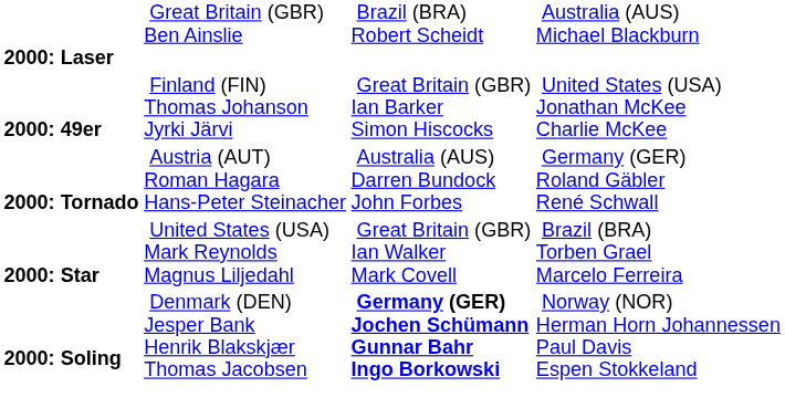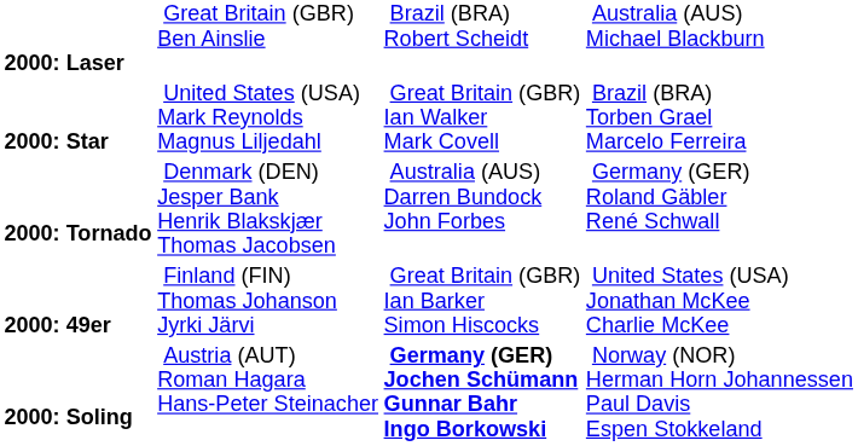 <table>
 <tr>
 <td style="align:center;"><br><br><strong>2000: Laser</strong> <br></td>
 <td style="vertical-align:top;"> <a href='#'>Great Britain</a> <span>(GBR)</span><br><a href='#'>Ben Ainslie</a></td>
 <td style="vertical-align:top;"> <a href='#'>Brazil</a> <span>(BRA)</span><br><a href='#'>Robert Scheidt</a></td>
 <td style="vertical-align:top;"> <a href='#'>Australia</a> <span>(AUS)</span><br><a href='#'>Michael Blackburn</a></td>
 </tr>
 <tr>
+<td style="align:center;"><br><br><strong>2000: Star</strong> <br></td>
+<td style="vertical-align:top;"> <a href='#'>United States</a> <span>(USA)</span><br><a href='#'>Mark Reynolds</a><br><a href='#'>Magnus Liljedahl</a></td>
+<td style="vertical-align:top;"> <a href='#'>Great Britain</a> <span>(GBR)</span><br><a href='#'>Ian Walker</a><br><a href='#'>Mark Covell</a></td>
+<td style="vertical-align:top;"> <a href='#'>Brazil</a> <span>(BRA)</span><br><a href='#'>Torben Grael</a><br><a href='#'>Marcelo Ferreira</a></td>
+</tr>
+<tr>
+<td style="align:center;"><br><br><strong>2000: Tornado</strong> <br></td>
+<td style="vertical-align:top;"> <a href='#'>Denmark</a> <span>(DEN)</span><br><a href='#'>Jesper Bank</a><br><a href='#'>Henrik Blakskjær</a><br><a href='#'>Thomas Jacobsen</a></td>
+<td style="vertical-align:top;"> <a href='#'>Australia</a> <span>(AUS)</span><br><a href='#'>Darren Bundock</a><br><a href='#'>John Forbes</a></td>
+<td style="vertical-align:top;"> <a href='#'>Germany</a> <span>(GER)</span><br><a href='#'>Roland Gäbler</a><br><a href='#'>René Schwall</a></td>
+</tr>
+<tr>
 <td style="align:center;"><br><br><strong>2000: 49er</strong> <br></td>
 <td style="vertical-align:top;"> <a href='#'>Finland</a> <span>(FIN)</span><br><a href='#'>Thomas Johanson</a><br><a href='#'>Jyrki Järvi</a></td>
 <td style="vertical-align:top;"> <a href='#'>Great Britain</a> <span>(GBR)</span><br><a href='#'>Ian Barker</a><br><a href='#'>Simon Hiscocks</a></td>
 <td style="vertical-align:top;"> <a href='#'>United States</a> <span>(USA)</span><br><a href='#'>Jonathan McKee</a><br><a href='#'>Charlie McKee</a></td>
 </tr>
 <tr>
-<td style="align:center;"><br><br><strong>2000: Tornado</strong> <br></td>
+<td style="align:center;"><br><br><strong>2000: Soling</strong> <br></td>
 <td style="vertical-align:top;"> <a href='#'>Austria</a> <span>(AUT)</span><br><a href='#'>Roman Hagara</a><br><a href='#'>Hans-Peter Steinacher</a></td>
-<td style="vertical-align:top;"> <a href='#'>Australia</a> <span>(AUS)</span><br><a href='#'>Darren Bundock</a><br><a href='#'>John Forbes</a></td>
-<td style="vertical-align:top;"> <a href='#'>Germany</a> <span>(GER)</span><br><a href='#'>Roland Gäbler</a><br><a href='#'>René Schwall</a></td>
-</tr>
-<tr>
-<td style="align:center;"><br><br><strong>2000: Star</strong> <br></td>
-<td style="vertical-align:top;"> <a href='#'>United States</a> <span>(USA)</span><br><a href='#'>Mark Reynolds</a><br><a href='#'>Magnus Liljedahl</a></td>
-<td style="vertical-align:top;"> <a href='#'>Great Britain</a> <span>(GBR)</span><br><a href='#'>Ian Walker</a><br><a href='#'>Mark Covell</a></td>
-<td style="vertical-align:top;"> <a href='#'>Brazil</a> <span>(BRA)</span><br><a href='#'>Torben Grael</a><br><a href='#'>Marcelo Ferreira</a></td>
-</tr>
-<tr>
-<td style="align:center;"><br><br><strong>2000: Soling</strong> <br></td>
-<td style="vertical-align:top;"> <a href='#'>Denmark</a> <span>(DEN)</span><br><a href='#'>Jesper Bank</a><br><a href='#'>Henrik Blakskjær</a><br><a href='#'>Thomas Jacobsen</a></td>
 <td style="vertical-align:top;"><strong> <a href='#'>Germany</a> <span>(GER)</span><br><a href='#'>Jochen Schümann</a><br><a href='#'>Gunnar Bahr</a><br><a href='#'>Ingo Borkowski</a></strong></td>
 <td style="vertical-align:top;"> <a href='#'>Norway</a> <span>(NOR)</span><br><a href='#'>Herman Horn Johannessen</a><br><a href='#'>Paul Davis</a><br><a href='#'>Espen Stokkeland</a></td>
 </tr>
 </table>
